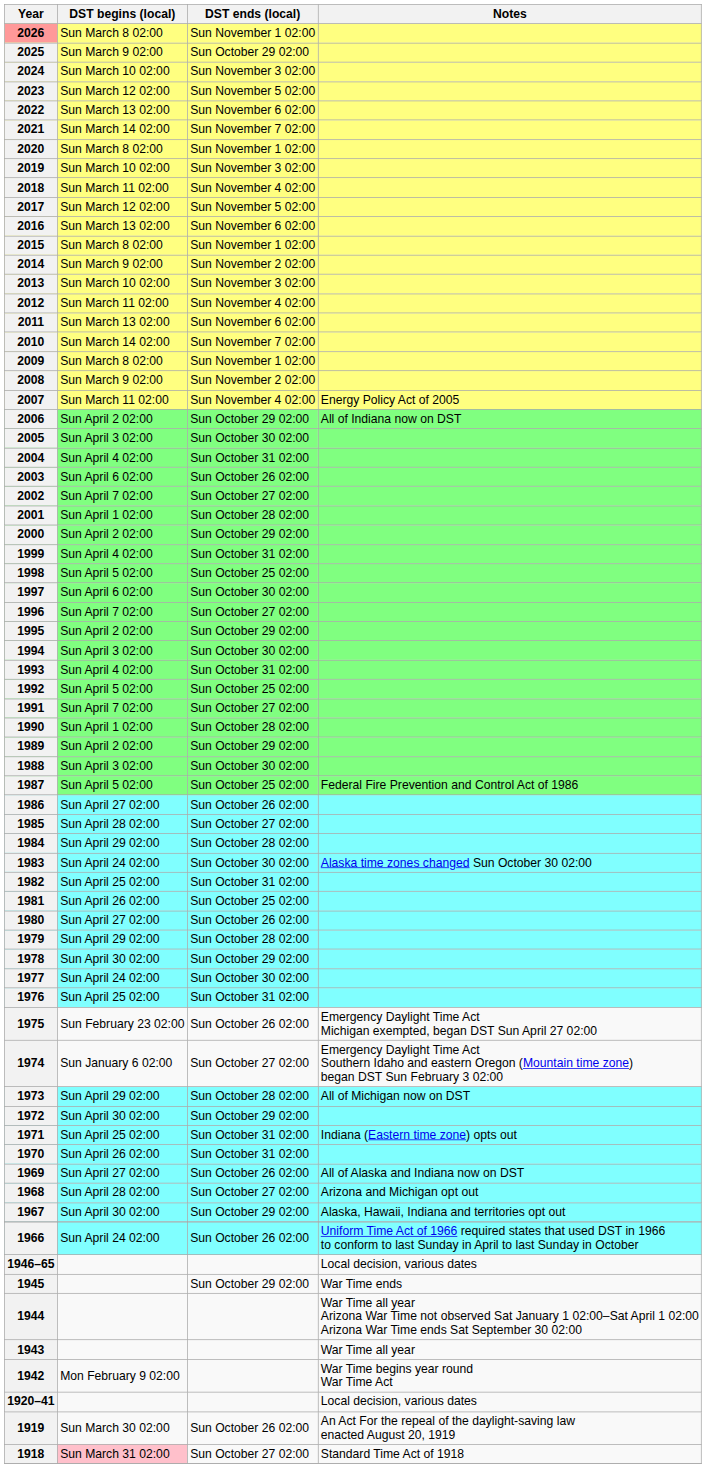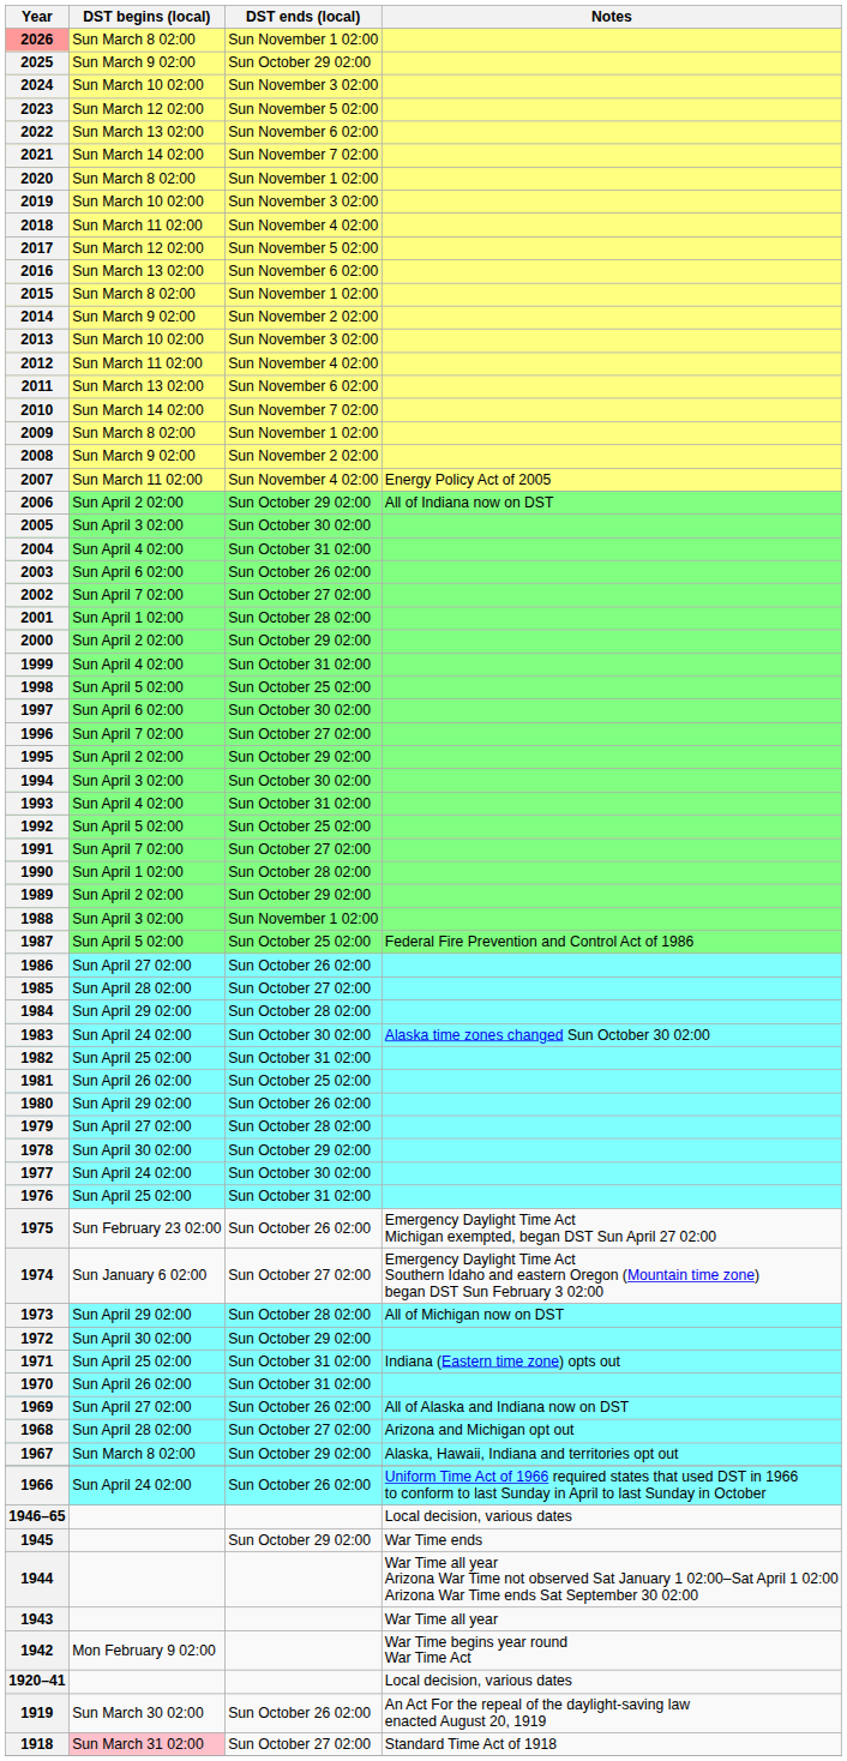 <table class="wikitable sortable">
 <tr>
 <th>Year</th>
 <th class="unsortable">DST begins (local)</th>
 <th class="unsortable">DST ends (local)</th>
 <th class="unsortable">Notes</th>
 </tr>
 <tr style="background:#ffff80">
 <th style="background:#ff9999">2026</th>
 <td>Sun March 8 02:00</td>
 <td>Sun November 1 02:00</td>
 <td></td>
 </tr>
 <tr style="background:#ffff80">
 <th style="background:#ffff80”">2025</th>
 <td>Sun March 9 02:00</td>
 <td>Sun October 29 02:00</td>
 <td></td>
 </tr>
 <tr style="background:#ffff80">
 <th>2024</th>
 <td>Sun March 10 02:00</td>
 <td>Sun November 3 02:00</td>
 <td></td>
 </tr>
 <tr style="background:#ffff80">
 <th>2023</th>
 <td>Sun March 12 02:00</td>
 <td>Sun November 5 02:00</td>
 <td></td>
 </tr>
 <tr style="background:#ffff80">
 <th>2022</th>
 <td>Sun March 13 02:00</td>
 <td>Sun November 6 02:00</td>
 <td></td>
 </tr>
 <tr style="background:#ffff80">
 <th>2021</th>
 <td>Sun March 14 02:00</td>
 <td>Sun November 7 02:00</td>
 <td></td>
 </tr>
 <tr style="background:#ffff80">
 <th>2020</th>
 <td>Sun March 8 02:00</td>
 <td>Sun November 1 02:00</td>
 <td></td>
 </tr>
 <tr style="background:#ffff80">
 <th>2019</th>
 <td>Sun March 10 02:00</td>
 <td>Sun November 3 02:00</td>
 <td></td>
 </tr>
 <tr style="background:#ffff80">
 <th>2018</th>
 <td>Sun March 11 02:00</td>
 <td>Sun November 4 02:00</td>
 <td></td>
 </tr>
 <tr style="background:#ffff80">
 <th>2017</th>
 <td>Sun March 12 02:00</td>
 <td>Sun November 5 02:00</td>
 <td></td>
 </tr>
 <tr style="background:#ffff80">
 <th>2016</th>
 <td>Sun March 13 02:00</td>
 <td>Sun November 6 02:00</td>
 <td></td>
 </tr>
 <tr style="background:#ffff80">
 <th>2015</th>
 <td>Sun March 8 02:00</td>
 <td>Sun November 1 02:00</td>
 <td></td>
 </tr>
 <tr style="background:#ffff80">
 <th>2014</th>
 <td>Sun March 9 02:00</td>
 <td>Sun November 2 02:00</td>
 <td></td>
 </tr>
 <tr style="background:#ffff80">
 <th>2013</th>
 <td>Sun March 10 02:00</td>
 <td>Sun November 3 02:00</td>
 <td></td>
 </tr>
 <tr style="background:#ffff80">
 <th>2012</th>
 <td>Sun March 11 02:00</td>
 <td>Sun November 4 02:00</td>
 <td></td>
 </tr>
 <tr style="background:#ffff80">
 <th>2011</th>
 <td>Sun March 13 02:00</td>
 <td>Sun November 6 02:00</td>
 <td></td>
 </tr>
 <tr style="background:#ffff80">
 <th>2010</th>
 <td>Sun March 14 02:00</td>
 <td>Sun November 7 02:00</td>
 <td></td>
 </tr>
 <tr style="background:#ffff80">
 <th>2009</th>
 <td>Sun March 8 02:00</td>
 <td>Sun November 1 02:00</td>
 <td></td>
 </tr>
 <tr style="background:#ffff80">
 <th>2008</th>
 <td>Sun March 9 02:00</td>
 <td>Sun November 2 02:00</td>
 <td></td>
 </tr>
 <tr style="background:#ffff80">
 <th>2007</th>
 <td>Sun March 11 02:00</td>
 <td>Sun November 4 02:00</td>
 <td>Energy Policy Act of 2005</td>
 </tr>
 <tr style="background:#80ff80">
 <th>2006</th>
 <td>Sun April 2 02:00</td>
 <td>Sun October 29 02:00</td>
 <td>All of Indiana now on DST</td>
 </tr>
 <tr style="background:#80ff80">
 <th>2005</th>
 <td>Sun April 3 02:00</td>
 <td>Sun October 30 02:00</td>
 <td></td>
 </tr>
 <tr style="background:#80ff80">
 <th>2004</th>
 <td>Sun April 4 02:00</td>
 <td>Sun October 31 02:00</td>
 <td></td>
 </tr>
 <tr style="background:#80ff80">
 <th>2003</th>
 <td>Sun April 6 02:00</td>
 <td>Sun October 26 02:00</td>
 <td></td>
 </tr>
 <tr style="background:#80ff80">
 <th>2002</th>
 <td>Sun April 7 02:00</td>
 <td>Sun October 27 02:00</td>
 <td></td>
 </tr>
 <tr style="background:#80ff80">
 <th>2001</th>
 <td>Sun April 1 02:00</td>
 <td>Sun October 28 02:00</td>
 <td></td>
 </tr>
 <tr style="background:#80ff80">
 <th>2000</th>
 <td>Sun April 2 02:00</td>
 <td>Sun October 29 02:00</td>
 <td></td>
 </tr>
 <tr style="background:#80ff80">
 <th>1999</th>
 <td>Sun April 4 02:00</td>
 <td>Sun October 31 02:00</td>
 <td></td>
 </tr>
 <tr style="background:#80ff80">
 <th>1998</th>
 <td>Sun April 5 02:00</td>
 <td>Sun October 25 02:00</td>
 <td></td>
 </tr>
 <tr style="background:#80ff80">
 <th>1997</th>
 <td>Sun April 6 02:00</td>
 <td>Sun October 30 02:00</td>
 <td></td>
 </tr>
 <tr style="background:#80ff80">
 <th>1996</th>
 <td>Sun April 7 02:00</td>
 <td>Sun October 27 02:00</td>
 <td></td>
 </tr>
 <tr style="background:#80ff80">
 <th>1995</th>
 <td>Sun April 2 02:00</td>
 <td>Sun October 29 02:00</td>
 <td></td>
 </tr>
 <tr style="background:#80ff80">
 <th>1994</th>
 <td>Sun April 3 02:00</td>
 <td>Sun October 30 02:00</td>
 <td></td>
 </tr>
 <tr style="background:#80ff80">
 <th>1993</th>
 <td>Sun April 4 02:00</td>
 <td>Sun October 31 02:00</td>
 <td></td>
 </tr>
 <tr style="background:#80ff80">
 <th>1992</th>
 <td>Sun April 5 02:00</td>
 <td>Sun October 25 02:00</td>
 <td></td>
 </tr>
 <tr style="background:#80ff80">
 <th>1991</th>
 <td>Sun April 7 02:00</td>
 <td>Sun October 27 02:00</td>
 <td></td>
 </tr>
 <tr style="background:#80ff80">
 <th>1990</th>
 <td>Sun April 1 02:00</td>
 <td>Sun October 28 02:00</td>
 <td></td>
 </tr>
 <tr style="background:#80ff80">
 <th>1989</th>
 <td>Sun April 2 02:00</td>
 <td>Sun October 29 02:00</td>
 <td></td>
 </tr>
 <tr style="background:#80ff80">
 <th>1988</th>
 <td>Sun April 3 02:00</td>
-<td>Sun October 30 02:00</td>
+<td>Sun November 1 02:00</td>
 <td></td>
 </tr>
 <tr style="background:#80ff80">
 <th>1987</th>
 <td>Sun April 5 02:00</td>
 <td>Sun October 25 02:00</td>
 <td>Federal Fire Prevention and Control Act of 1986</td>
 </tr>
 <tr style="background:#80ffff">
 <th>1986</th>
 <td>Sun April 27 02:00</td>
 <td>Sun October 26 02:00</td>
 <td></td>
 </tr>
 <tr style="background:#80ffff">
 <th>1985</th>
 <td>Sun April 28 02:00</td>
 <td>Sun October 27 02:00</td>
 <td></td>
 </tr>
 <tr style="background:#80ffff">
 <th>1984</th>
 <td>Sun April 29 02:00</td>
 <td>Sun October 28 02:00</td>
 <td></td>
 </tr>
 <tr style="background:#80ffff">
 <th>1983</th>
 <td>Sun April 24 02:00</td>
 <td>Sun October 30 02:00</td>
 <td><a href='#'>Alaska time zones changed</a> Sun October 30 02:00</td>
 </tr>
 <tr style="background:#80ffff">
 <th>1982</th>
 <td>Sun April 25 02:00</td>
 <td>Sun October 31 02:00</td>
 <td></td>
 </tr>
 <tr style="background:#80ffff">
 <th>1981</th>
 <td>Sun April 26 02:00</td>
 <td>Sun October 25 02:00</td>
 <td></td>
 </tr>
 <tr style="background:#80ffff">
 <th>1980</th>
-<td>Sun April 27 02:00</td>
+<td>Sun April 29 02:00</td>
 <td>Sun October 26 02:00</td>
 <td></td>
 </tr>
 <tr style="background:#80ffff">
 <th>1979</th>
-<td>Sun April 29 02:00</td>
+<td>Sun April 27 02:00</td>
 <td>Sun October 28 02:00</td>
 <td></td>
 </tr>
 <tr style="background:#80ffff">
 <th>1978</th>
 <td>Sun April 30 02:00</td>
 <td>Sun October 29 02:00</td>
 <td></td>
 </tr>
 <tr style="background:#80ffff">
 <th>1977</th>
 <td>Sun April 24 02:00</td>
 <td>Sun October 30 02:00</td>
 <td></td>
 </tr>
 <tr style="background:#80ffff">
 <th>1976</th>
 <td>Sun April 25 02:00</td>
 <td>Sun October 31 02:00</td>
 <td></td>
 </tr>
 <tr>
 <th>1975</th>
 <td>Sun February 23 02:00</td>
 <td>Sun October 26 02:00</td>
 <td>Emergency Daylight Time Act<br>Michigan exempted, began DST Sun April 27 02:00</td>
 </tr>
 <tr>
 <th>1974</th>
 <td>Sun January 6 02:00</td>
 <td>Sun October 27 02:00</td>
 <td>Emergency Daylight Time Act<br>Southern Idaho and eastern Oregon (<a href='#'>Mountain time zone</a>)<br>began DST Sun February 3 02:00</td>
 </tr>
 <tr style="background:#80ffff">
 <th>1973</th>
 <td>Sun April 29 02:00</td>
 <td>Sun October 28 02:00</td>
 <td>All of Michigan now on DST</td>
 </tr>
 <tr style="background:#80ffff">
 <th>1972</th>
 <td>Sun April 30 02:00</td>
 <td>Sun October 29 02:00</td>
 <td></td>
 </tr>
 <tr style="background:#80ffff">
 <th>1971</th>
 <td>Sun April 25 02:00</td>
 <td>Sun October 31 02:00</td>
 <td>Indiana (<a href='#'>Eastern time zone</a>) opts out</td>
 </tr>
 <tr style="background:#80ffff">
 <th>1970</th>
 <td>Sun April 26 02:00</td>
 <td>Sun October 31 02:00</td>
 <td></td>
 </tr>
 <tr style="background:#80ffff">
 <th>1969</th>
 <td>Sun April 27 02:00</td>
 <td>Sun October 26 02:00</td>
 <td>All of Alaska and Indiana now on DST</td>
 </tr>
 <tr style="background:#80ffff">
 <th>1968</th>
 <td>Sun April 28 02:00</td>
 <td>Sun October 27 02:00</td>
 <td>Arizona and Michigan opt out</td>
 </tr>
 <tr style="background:#80ffff">
 <th>1967</th>
-<td>Sun April 30 02:00</td>
+<td>Sun March 8 02:00</td>
 <td>Sun October 29 02:00</td>
 <td>Alaska, Hawaii, Indiana and territories opt out</td>
 </tr>
 <tr>
 </tr>
 <tr style="background:#80ffff">
 <th>1966</th>
 <td>Sun April 24 02:00</td>
 <td>Sun October 26 02:00</td>
 <td><a href='#'>Uniform Time Act of 1966</a> required states that used DST in 1966 <br>to conform to last Sunday in April to last Sunday in October</td>
 </tr>
 <tr>
 <th>1946–65</th>
 <td></td>
 <td></td>
 <td>Local decision, various dates</td>
 </tr>
 <tr>
 <th>1945</th>
 <td></td>
 <td>Sun October 29 02:00</td>
 <td>War Time ends</td>
 </tr>
 <tr>
 <th>1944</th>
 <td></td>
 <td></td>
 <td>War Time all year<br>Arizona War Time not observed Sat January 1 02:00–Sat April 1 02:00<br> Arizona War Time ends Sat September 30 02:00</td>
 </tr>
 <tr>
 <th>1943</th>
 <td></td>
 <td></td>
 <td>War Time all year</td>
 </tr>
 <tr>
 <th>1942</th>
 <td>Mon February 9 02:00</td>
 <td></td>
 <td>War Time begins year round <br> War Time Act</td>
 </tr>
 <tr>
 <th>1920–41</th>
 <td></td>
 <td></td>
 <td>Local decision, various dates</td>
 </tr>
 <tr>
 <th>1919</th>
 <td>Sun March 30 02:00</td>
 <td>Sun October 26 02:00</td>
 <td>An Act For the repeal of the daylight-saving law <br> enacted August 20, 1919</td>
 </tr>
 <tr>
 <th>1918</th>
 <td style="background: pink;">Sun March 31 02:00</td>
 <td>Sun October 27 02:00</td>
 <td>Standard Time Act of 1918</td>
 </tr>
 <tr>
 </tr>
 </table>
